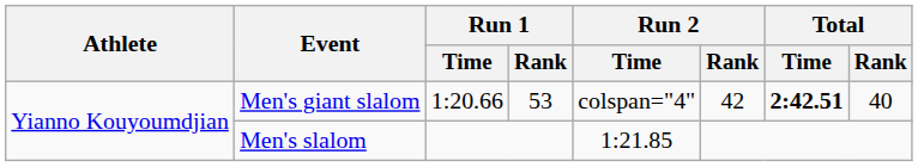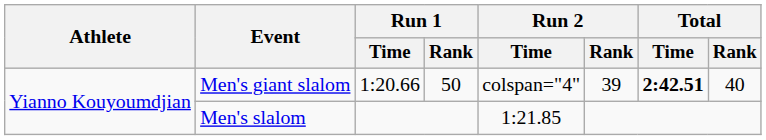 <table class=wikitable style=font-size:90%;text-align:center>
 <tr>
 <th rowspan=2>Athlete</th>
 <th rowspan=2>Event</th>
 <th colspan=2>Run 1</th>
 <th colspan=2>Run 2</th>
 <th colspan=2>Total</th>
 </tr>
 <tr style="font-size:95%">
 <th>Time</th>
 <th>Rank</th>
 <th>Time</th>
 <th>Rank</th>
 <th>Time</th>
 <th>Rank</th>
 </tr>
 <tr>
 <td align=left rowspan=2><a href='#'>Yianno Kouyoumdjian</a></td>
 <td align=left><a href='#'>Men's giant slalom</a></td>
 <td>1:20.66</td>
-<td>53</td>
+<td>50</td>
 <td>colspan="4" </td>
-<td>42</td>
+<td>39</td>
 <td><strong>2:42.51</strong></td>
 <td>40</td>
 </tr>
 <tr>
 <td align=left><a href='#'>Men's slalom</a></td>
 <td colspan="2"></td>
 <td>1:21.85</td>
 </tr>
 </table>
